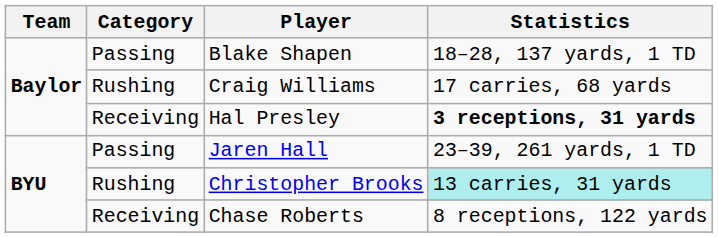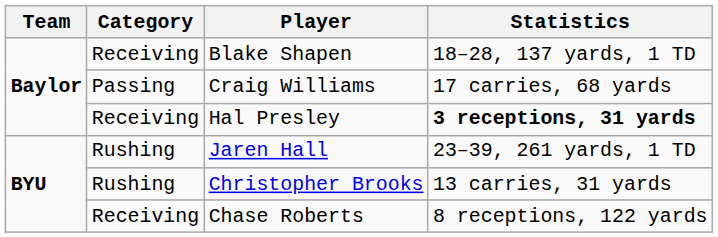 <table class="wikitable" style="float: right;">
 <tr>
 <th>Team</th>
 <th>Category</th>
 <th>Player</th>
 <th>Statistics</th>
 </tr>
 <tr>
 <td rowspan=3><strong>Baylor</strong></td>
-<td>Passing</td>
+<td>Receiving</td>
 <td>Blake Shapen</td>
 <td>18–28, 137 yards, 1 TD</td>
 </tr>
 <tr>
-<td>Rushing</td>
+<td>Passing</td>
 <td>Craig Williams</td>
 <td>17 carries, 68 yards</td>
 </tr>
 <tr>
 <td>Receiving</td>
 <td>Hal Presley</td>
 <td><strong>3 receptions, 31 yards</strong></td>
 </tr>
 <tr>
 <td rowspan=3><strong>BYU</strong></td>
-<td>Passing</td>
+<td>Rushing</td>
 <td><a href='#'>Jaren Hall</a></td>
 <td>23–39, 261 yards, 1 TD</td>
 </tr>
 <tr>
 <td>Rushing</td>
 <td><a href='#'>Christopher Brooks</a></td>
-<td style="background: paleturquoise;">13 carries, 31 yards</td>
+<td>13 carries, 31 yards</td>
 </tr>
 <tr>
 <td>Receiving</td>
 <td>Chase Roberts</td>
 <td>8 receptions, 122 yards</td>
 </tr>
 </table>
